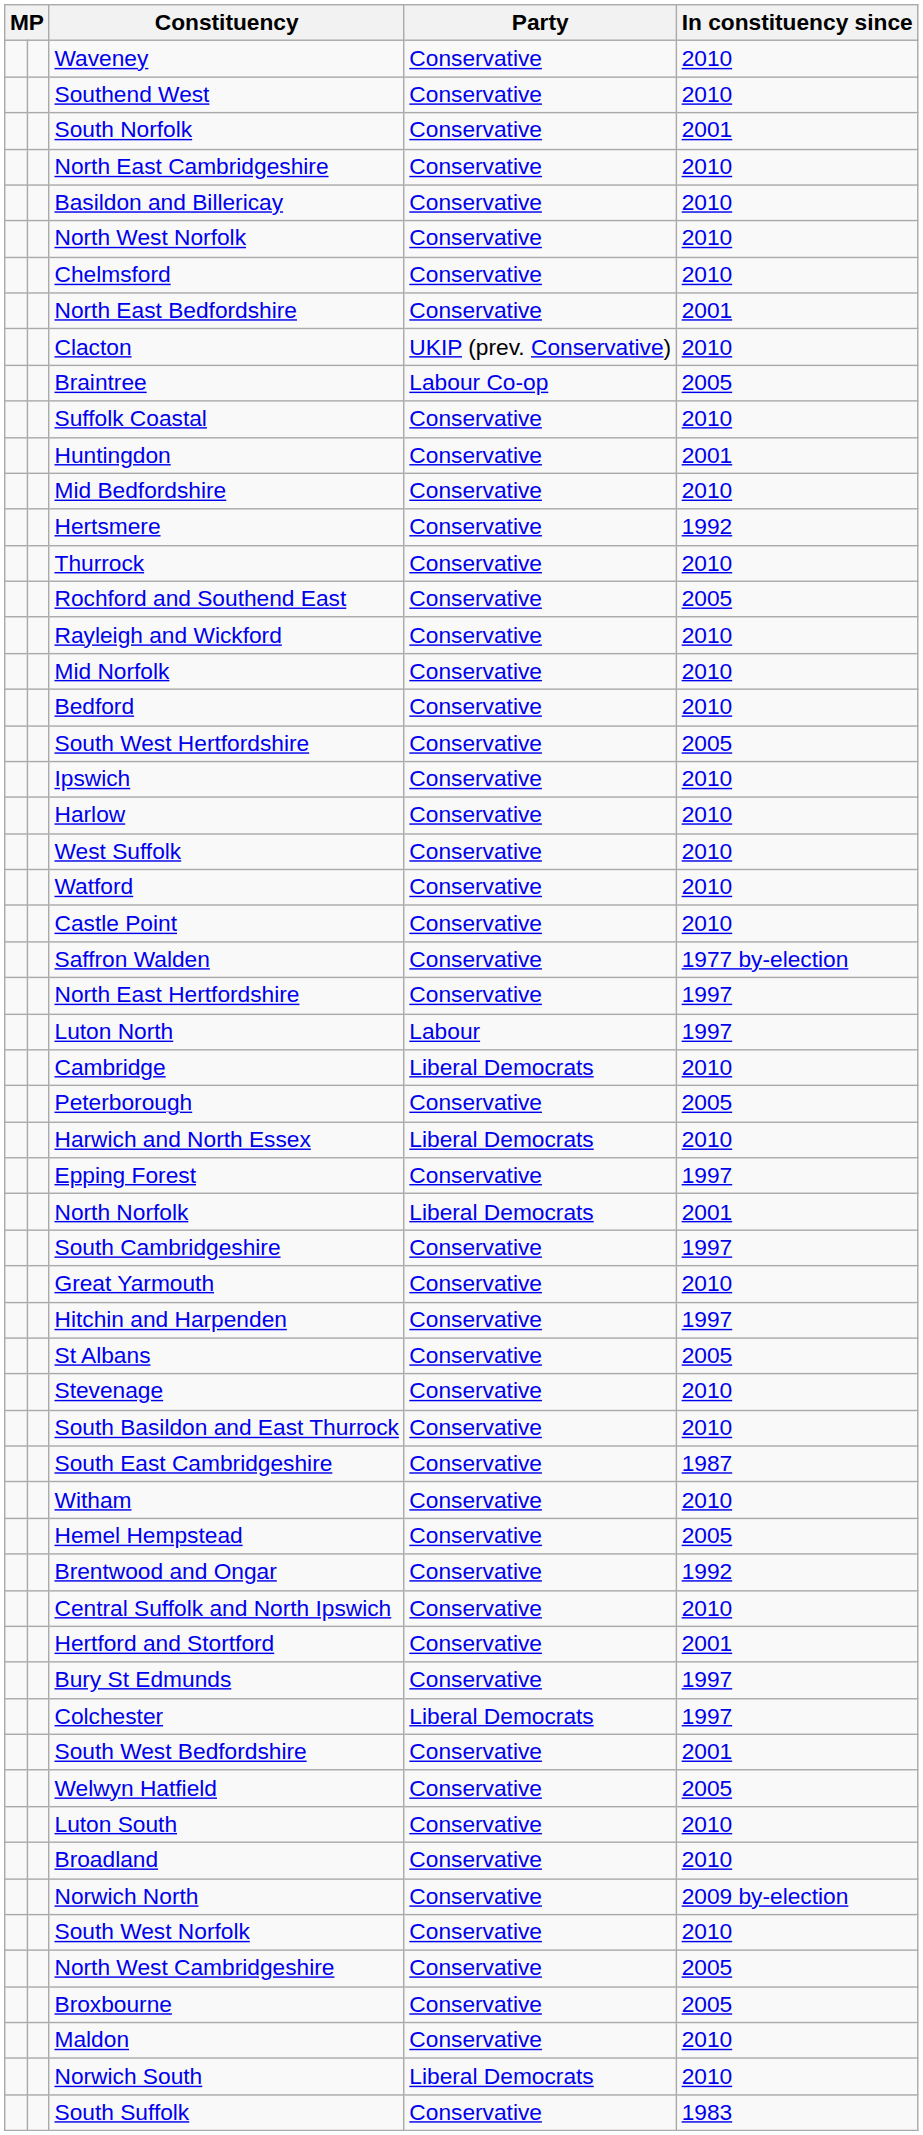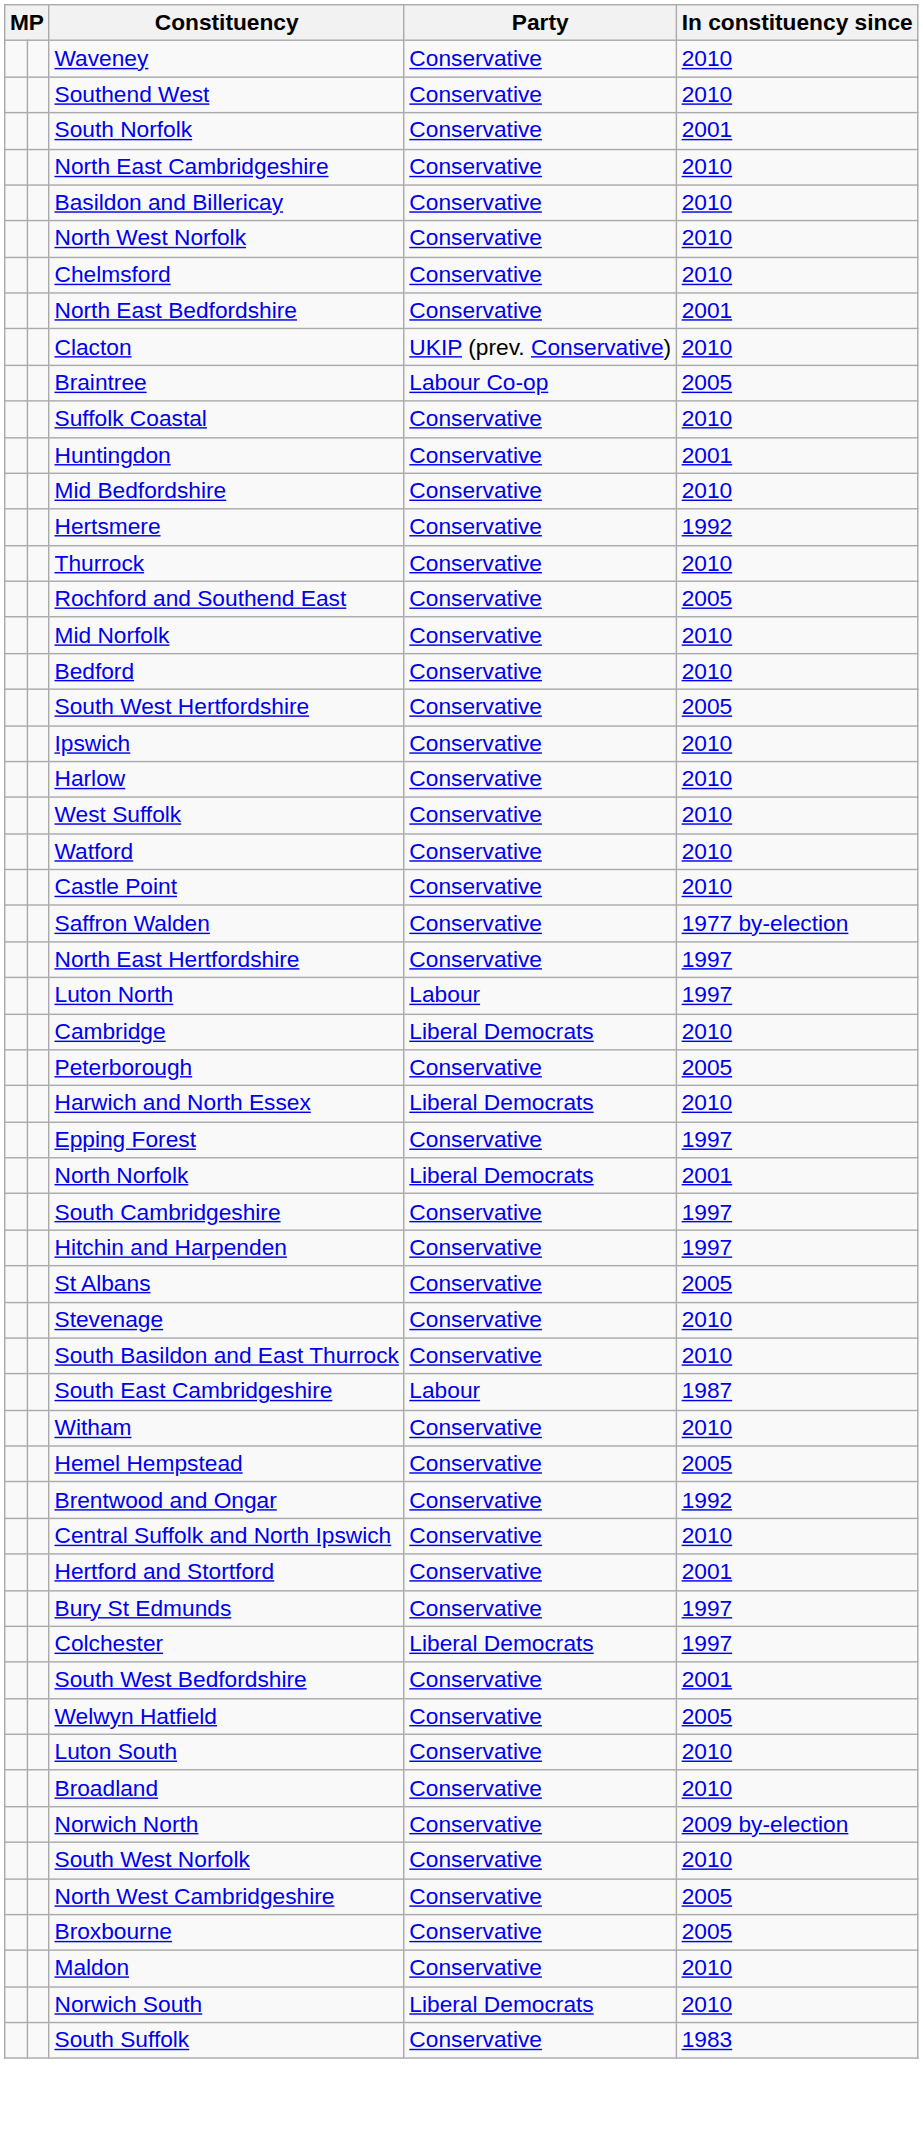 <table class="wikitable sortable">
 <tr>
 <th colspan=2>MP</th>
 <th>Constituency</th>
 <th>Party</th>
 <th>In constituency since</th>
 </tr>
 <tr>
 <td style="color:inherit;background:"></td>
 <td></td>
 <td><a href='#'>Waveney</a></td>
 <td><a href='#'>Conservative</a></td>
 <td><a href='#'>2010</a></td>
 </tr>
 <tr>
 <td style="color:inherit;background:"></td>
 <td></td>
 <td><a href='#'>Southend West</a></td>
 <td><a href='#'>Conservative</a></td>
 <td><a href='#'>2010</a></td>
 </tr>
 <tr>
 <td style="color:inherit;background:"></td>
 <td></td>
 <td><a href='#'>South Norfolk</a></td>
 <td><a href='#'>Conservative</a></td>
 <td><a href='#'>2001</a></td>
 </tr>
 <tr>
 <td style="color:inherit;background:"></td>
 <td></td>
 <td><a href='#'>North East Cambridgeshire</a></td>
 <td><a href='#'>Conservative</a></td>
 <td><a href='#'>2010</a></td>
 </tr>
 <tr>
 <td style="color:inherit;background:"></td>
 <td></td>
 <td><a href='#'>Basildon and Billericay</a></td>
 <td><a href='#'>Conservative</a></td>
 <td><a href='#'>2010</a></td>
 </tr>
 <tr>
 <td style="color:inherit;background:"></td>
 <td></td>
 <td><a href='#'>North West Norfolk</a></td>
 <td><a href='#'>Conservative</a></td>
 <td><a href='#'>2010</a></td>
 </tr>
 <tr>
 <td style="color:inherit;background:"></td>
 <td></td>
 <td><a href='#'>Chelmsford</a></td>
 <td><a href='#'>Conservative</a></td>
 <td><a href='#'>2010</a></td>
 </tr>
 <tr>
 <td style="color:inherit;background:"></td>
 <td></td>
 <td><a href='#'>North East Bedfordshire</a></td>
 <td><a href='#'>Conservative</a></td>
 <td><a href='#'>2001</a></td>
 </tr>
 <tr>
 <td style="color:inherit;background:"></td>
 <td></td>
 <td><a href='#'>Clacton</a></td>
 <td><a href='#'>UKIP</a> (prev. <a href='#'>Conservative</a>)</td>
 <td><a href='#'>2010</a></td>
 </tr>
 <tr>
 <td style="color:inherit;background:"></td>
 <td></td>
 <td><a href='#'>Braintree</a></td>
 <td><a href='#'>Labour Co-op</a></td>
 <td><a href='#'>2005</a></td>
 </tr>
 <tr>
 <td style="color:inherit;background:"></td>
 <td></td>
 <td><a href='#'>Suffolk Coastal</a></td>
 <td><a href='#'>Conservative</a></td>
 <td><a href='#'>2010</a></td>
 </tr>
 <tr>
 <td style="color:inherit;background:"></td>
 <td></td>
 <td><a href='#'>Huntingdon</a></td>
 <td><a href='#'>Conservative</a></td>
 <td><a href='#'>2001</a></td>
 </tr>
 <tr>
 <td style="color:inherit;background:"></td>
 <td></td>
 <td><a href='#'>Mid Bedfordshire</a></td>
 <td><a href='#'>Conservative</a></td>
 <td><a href='#'>2010</a></td>
 </tr>
 <tr>
 <td style="color:inherit;background:"></td>
 <td></td>
 <td><a href='#'>Hertsmere</a></td>
 <td><a href='#'>Conservative</a></td>
 <td><a href='#'>1992</a></td>
 </tr>
 <tr>
 <td style="color:inherit;background:"></td>
 <td></td>
 <td><a href='#'>Thurrock</a></td>
 <td><a href='#'>Conservative</a></td>
 <td><a href='#'>2010</a></td>
 </tr>
 <tr>
 <td style="color:inherit;background:"></td>
 <td></td>
 <td><a href='#'>Rochford and Southend East</a></td>
 <td><a href='#'>Conservative</a></td>
 <td><a href='#'>2005</a></td>
-</tr>
-<tr>
-<td style="color:inherit;background:"></td>
-<td></td>
-<td><a href='#'>Rayleigh and Wickford</a></td>
-<td><a href='#'>Conservative</a></td>
-<td><a href='#'>2010</a></td>
 </tr>
 <tr>
 <td style="color:inherit;background:"></td>
 <td></td>
 <td><a href='#'>Mid Norfolk</a></td>
 <td><a href='#'>Conservative</a></td>
 <td><a href='#'>2010</a></td>
 </tr>
 <tr>
 <td style="color:inherit;background:"></td>
 <td></td>
 <td><a href='#'>Bedford</a></td>
 <td><a href='#'>Conservative</a></td>
 <td><a href='#'>2010</a></td>
 </tr>
 <tr>
 <td style="color:inherit;background:"></td>
 <td></td>
 <td><a href='#'>South West Hertfordshire</a></td>
 <td><a href='#'>Conservative</a></td>
 <td><a href='#'>2005</a></td>
 </tr>
 <tr>
 <td style="color:inherit;background:"></td>
 <td></td>
 <td><a href='#'>Ipswich</a></td>
 <td><a href='#'>Conservative</a></td>
 <td><a href='#'>2010</a></td>
 </tr>
 <tr>
 <td style="color:inherit;background:"></td>
 <td></td>
 <td><a href='#'>Harlow</a></td>
 <td><a href='#'>Conservative</a></td>
 <td><a href='#'>2010</a></td>
 </tr>
 <tr>
 <td style="color:inherit;background:"></td>
 <td></td>
 <td><a href='#'>West Suffolk</a></td>
 <td><a href='#'>Conservative</a></td>
 <td><a href='#'>2010</a></td>
 </tr>
 <tr>
 <td style="color:inherit;background:"></td>
 <td></td>
 <td><a href='#'>Watford</a></td>
 <td><a href='#'>Conservative</a></td>
 <td><a href='#'>2010</a></td>
 </tr>
 <tr>
 <td style="color:inherit;background:"></td>
 <td></td>
 <td><a href='#'>Castle Point</a></td>
 <td><a href='#'>Conservative</a></td>
 <td><a href='#'>2010</a></td>
 </tr>
 <tr>
 <td style="color:inherit;background:"></td>
 <td></td>
 <td><a href='#'>Saffron Walden</a></td>
 <td><a href='#'>Conservative</a></td>
 <td><a href='#'>1977 by-election</a></td>
 </tr>
 <tr>
 <td style="color:inherit;background:"></td>
 <td></td>
 <td><a href='#'>North East Hertfordshire</a></td>
 <td><a href='#'>Conservative</a></td>
 <td><a href='#'>1997</a></td>
 </tr>
 <tr>
 <td style="color:inherit;background-color: "></td>
 <td></td>
 <td><a href='#'>Luton North</a></td>
 <td><a href='#'>Labour</a></td>
 <td><a href='#'>1997</a></td>
 </tr>
 <tr>
 <td style="color:inherit;background-color: "></td>
 <td></td>
 <td><a href='#'>Cambridge</a></td>
 <td><a href='#'>Liberal Democrats</a></td>
 <td><a href='#'>2010</a></td>
 </tr>
 <tr>
 <td style="color:inherit;background:"></td>
 <td></td>
 <td><a href='#'>Peterborough</a></td>
 <td><a href='#'>Conservative</a></td>
 <td><a href='#'>2005</a></td>
 </tr>
 <tr>
 <td style="color:inherit;background:"></td>
 <td></td>
 <td><a href='#'>Harwich and North Essex</a></td>
 <td><a href='#'>Liberal Democrats</a></td>
 <td><a href='#'>2010</a></td>
 </tr>
 <tr>
 <td style="color:inherit;background:"></td>
 <td></td>
 <td><a href='#'>Epping Forest</a></td>
 <td><a href='#'>Conservative</a></td>
 <td><a href='#'>1997</a></td>
 </tr>
 <tr>
 <td style="color:inherit;background-color: "></td>
 <td></td>
 <td><a href='#'>North Norfolk</a></td>
 <td><a href='#'>Liberal Democrats</a></td>
 <td><a href='#'>2001</a></td>
 </tr>
 <tr>
 <td style="color:inherit;background:"></td>
 <td></td>
 <td><a href='#'>South Cambridgeshire</a></td>
 <td><a href='#'>Conservative</a></td>
 <td><a href='#'>1997</a></td>
 </tr>
 <tr>
 <td style="color:inherit;background:"></td>
 <td></td>
-<td><a href='#'>Great Yarmouth</a></td>
-<td><a href='#'>Conservative</a></td>
-<td><a href='#'>2010</a></td>
-</tr>
-<tr>
-<td style="color:inherit;background:"></td>
-<td></td>
 <td><a href='#'>Hitchin and Harpenden</a></td>
 <td><a href='#'>Conservative</a></td>
 <td><a href='#'>1997</a></td>
 </tr>
 <tr>
 <td style="color:inherit;background:"></td>
 <td></td>
 <td><a href='#'>St Albans</a></td>
 <td><a href='#'>Conservative</a></td>
 <td><a href='#'>2005</a></td>
 </tr>
 <tr>
 <td style="color:inherit;background:"></td>
 <td></td>
 <td><a href='#'>Stevenage</a></td>
 <td><a href='#'>Conservative</a></td>
 <td><a href='#'>2010</a></td>
 </tr>
 <tr>
 <td style="color:inherit;background:"></td>
 <td></td>
 <td><a href='#'>South Basildon and East Thurrock</a></td>
 <td><a href='#'>Conservative</a></td>
 <td><a href='#'>2010</a></td>
 </tr>
 <tr>
 <td style="color:inherit;background:"></td>
 <td></td>
 <td><a href='#'>South East Cambridgeshire</a></td>
-<td><a href='#'>Conservative</a></td>
+<td><a href='#'>Labour</a></td>
 <td><a href='#'>1987</a></td>
 </tr>
 <tr>
 <td style="color:inherit;background:"></td>
 <td></td>
 <td><a href='#'>Witham</a></td>
 <td><a href='#'>Conservative</a></td>
 <td><a href='#'>2010</a></td>
 </tr>
 <tr>
 <td style="color:inherit;background:"></td>
 <td></td>
 <td><a href='#'>Hemel Hempstead</a></td>
 <td><a href='#'>Conservative</a></td>
 <td><a href='#'>2005</a></td>
 </tr>
 <tr>
 <td style="color:inherit;background:"></td>
 <td></td>
 <td><a href='#'>Brentwood and Ongar</a></td>
 <td><a href='#'>Conservative</a></td>
 <td><a href='#'>1992</a></td>
 </tr>
 <tr>
 <td style="color:inherit;background:"></td>
 <td></td>
 <td><a href='#'>Central Suffolk and North Ipswich</a></td>
 <td><a href='#'>Conservative</a></td>
 <td><a href='#'>2010</a></td>
 </tr>
 <tr>
 <td style="color:inherit;background:"></td>
 <td></td>
 <td><a href='#'>Hertford and Stortford</a></td>
 <td><a href='#'>Conservative</a></td>
 <td><a href='#'>2001</a></td>
 </tr>
 <tr>
 <td style="color:inherit;background:"></td>
 <td></td>
 <td><a href='#'>Bury St Edmunds</a></td>
 <td><a href='#'>Conservative</a></td>
 <td><a href='#'>1997</a></td>
 </tr>
 <tr>
 <td style="color:inherit;background-color: "></td>
 <td></td>
 <td><a href='#'>Colchester</a></td>
 <td><a href='#'>Liberal Democrats</a></td>
 <td><a href='#'>1997</a></td>
 </tr>
 <tr>
 <td style="color:inherit;background:"></td>
 <td></td>
 <td><a href='#'>South West Bedfordshire</a></td>
 <td><a href='#'>Conservative</a></td>
 <td><a href='#'>2001</a></td>
 </tr>
 <tr>
 <td style="color:inherit;background:"></td>
 <td></td>
 <td><a href='#'>Welwyn Hatfield</a></td>
 <td><a href='#'>Conservative</a></td>
 <td><a href='#'>2005</a></td>
 </tr>
 <tr>
 <td style="color:inherit;background-color: "></td>
 <td></td>
 <td><a href='#'>Luton South</a></td>
 <td><a href='#'>Conservative</a></td>
 <td><a href='#'>2010</a></td>
 </tr>
 <tr>
 <td style="color:inherit;background:"></td>
 <td></td>
 <td><a href='#'>Broadland</a></td>
 <td><a href='#'>Conservative</a></td>
 <td><a href='#'>2010</a></td>
 </tr>
 <tr>
 <td style="color:inherit;background:"></td>
 <td></td>
 <td><a href='#'>Norwich North</a></td>
 <td><a href='#'>Conservative</a></td>
 <td><a href='#'>2009 by-election</a></td>
 </tr>
 <tr>
 <td style="color:inherit;background:"></td>
 <td></td>
 <td><a href='#'>South West Norfolk</a></td>
 <td><a href='#'>Conservative</a></td>
 <td><a href='#'>2010</a></td>
 </tr>
 <tr>
 <td style="color:inherit;background:"></td>
 <td></td>
 <td><a href='#'>North West Cambridgeshire</a></td>
 <td><a href='#'>Conservative</a></td>
 <td><a href='#'>2005</a></td>
 </tr>
 <tr>
 <td style="color:inherit;background:"></td>
 <td></td>
 <td><a href='#'>Broxbourne</a></td>
 <td><a href='#'>Conservative</a></td>
 <td><a href='#'>2005</a></td>
 </tr>
 <tr>
 <td style="color:inherit;background:"></td>
 <td></td>
 <td><a href='#'>Maldon</a></td>
 <td><a href='#'>Conservative</a></td>
 <td><a href='#'>2010</a></td>
 </tr>
 <tr>
 <td style="color:inherit;background-color: "></td>
 <td></td>
 <td><a href='#'>Norwich South</a></td>
 <td><a href='#'>Liberal Democrats</a></td>
 <td><a href='#'>2010</a></td>
 </tr>
 <tr>
 <td style="color:inherit;background:"></td>
 <td></td>
 <td><a href='#'>South Suffolk</a></td>
 <td><a href='#'>Conservative</a></td>
 <td><a href='#'>1983</a></td>
 </tr>
 </table>
